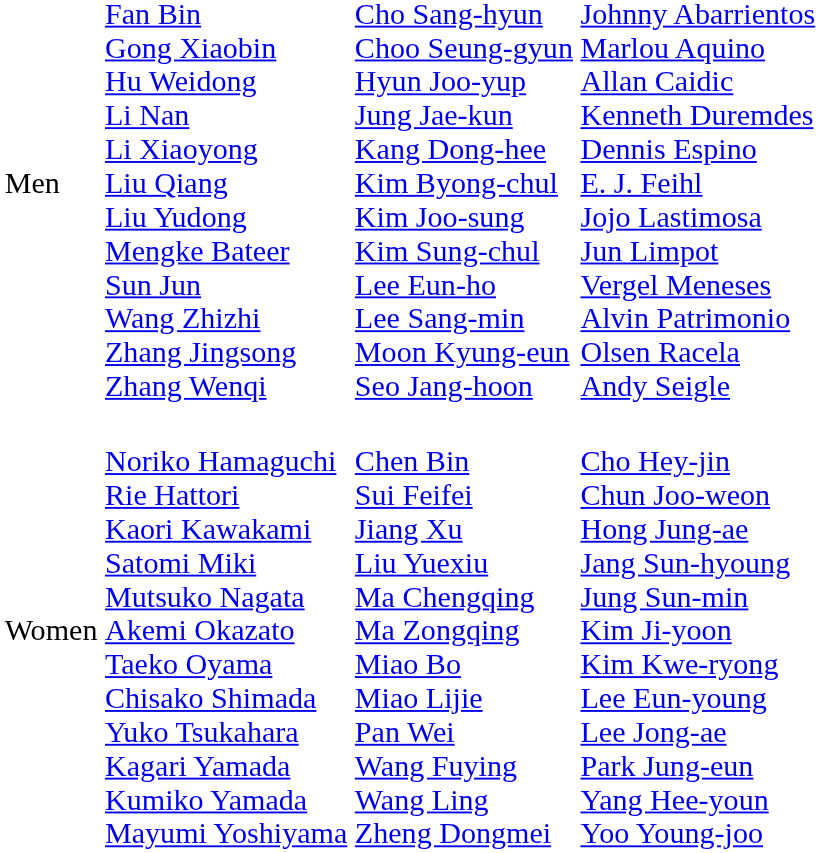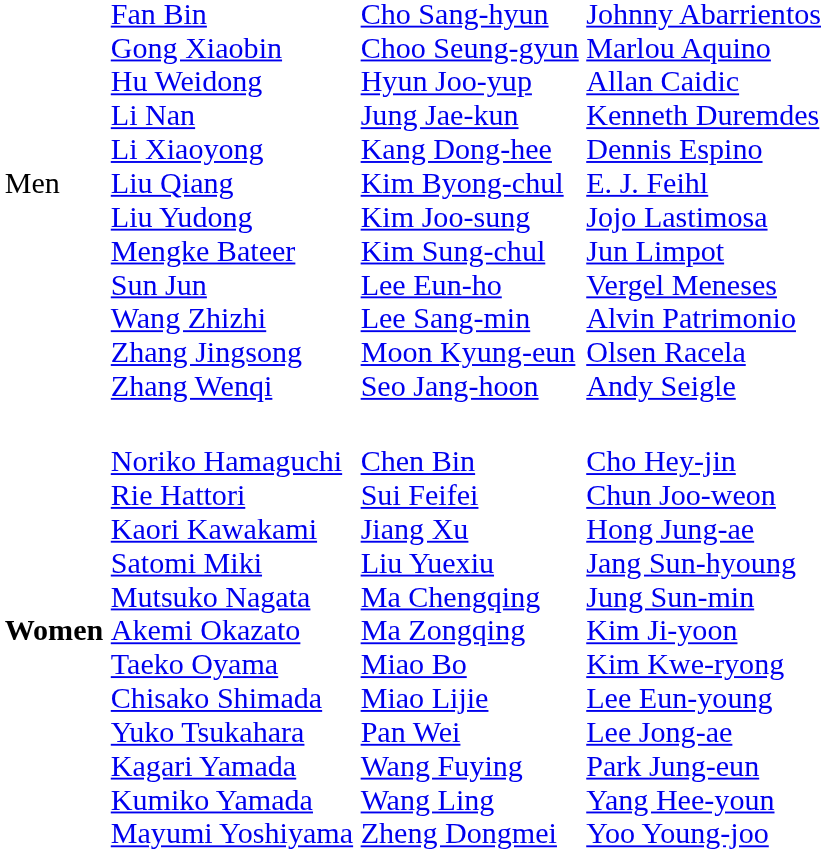 <table>
 <tr>
 <td>Men<br></td>
 <td><br><a href='#'>Fan Bin</a><br><a href='#'>Gong Xiaobin</a><br><a href='#'>Hu Weidong</a><br><a href='#'>Li Nan</a><br><a href='#'>Li Xiaoyong</a><br><a href='#'>Liu Qiang</a><br><a href='#'>Liu Yudong</a><br><a href='#'>Mengke Bateer</a><br><a href='#'>Sun Jun</a><br><a href='#'>Wang Zhizhi</a><br><a href='#'>Zhang Jingsong</a><br><a href='#'>Zhang Wenqi</a></td>
 <td><br><a href='#'>Cho Sang-hyun</a><br><a href='#'>Choo Seung-gyun</a><br><a href='#'>Hyun Joo-yup</a><br><a href='#'>Jung Jae-kun</a><br><a href='#'>Kang Dong-hee</a><br><a href='#'>Kim Byong-chul</a><br><a href='#'>Kim Joo-sung</a><br><a href='#'>Kim Sung-chul</a><br><a href='#'>Lee Eun-ho</a><br><a href='#'>Lee Sang-min</a><br><a href='#'>Moon Kyung-eun</a><br><a href='#'>Seo Jang-hoon</a></td>
 <td><br><a href='#'>Johnny Abarrientos</a><br><a href='#'>Marlou Aquino</a><br><a href='#'>Allan Caidic</a><br><a href='#'>Kenneth Duremdes</a><br><a href='#'>Dennis Espino</a><br><a href='#'>E. J. Feihl</a><br><a href='#'>Jojo Lastimosa</a><br><a href='#'>Jun Limpot</a><br><a href='#'>Vergel Meneses</a><br><a href='#'>Alvin Patrimonio</a><br><a href='#'>Olsen Racela</a><br><a href='#'>Andy Seigle</a></td>
 </tr>
 <tr>
-<td>Women<br></td>
+<td><strong>Women<br></strong></td>
 <td><br><a href='#'>Noriko Hamaguchi</a><br><a href='#'>Rie Hattori</a><br><a href='#'>Kaori Kawakami</a><br><a href='#'>Satomi Miki</a><br><a href='#'>Mutsuko Nagata</a><br><a href='#'>Akemi Okazato</a><br><a href='#'>Taeko Oyama</a><br><a href='#'>Chisako Shimada</a><br><a href='#'>Yuko Tsukahara</a><br><a href='#'>Kagari Yamada</a><br><a href='#'>Kumiko Yamada</a><br><a href='#'>Mayumi Yoshiyama</a></td>
 <td><br><a href='#'>Chen Bin</a><br><a href='#'>Sui Feifei</a><br><a href='#'>Jiang Xu</a><br><a href='#'>Liu Yuexiu</a><br><a href='#'>Ma Chengqing</a><br><a href='#'>Ma Zongqing</a><br><a href='#'>Miao Bo</a><br><a href='#'>Miao Lijie</a><br><a href='#'>Pan Wei</a><br><a href='#'>Wang Fuying</a><br><a href='#'>Wang Ling</a><br><a href='#'>Zheng Dongmei</a></td>
 <td><br><a href='#'>Cho Hey-jin</a><br><a href='#'>Chun Joo-weon</a><br><a href='#'>Hong Jung-ae</a><br><a href='#'>Jang Sun-hyoung</a><br><a href='#'>Jung Sun-min</a><br><a href='#'>Kim Ji-yoon</a><br><a href='#'>Kim Kwe-ryong</a><br><a href='#'>Lee Eun-young</a><br><a href='#'>Lee Jong-ae</a><br><a href='#'>Park Jung-eun</a><br><a href='#'>Yang Hee-youn</a><br><a href='#'>Yoo Young-joo</a></td>
 </tr>
 </table>
